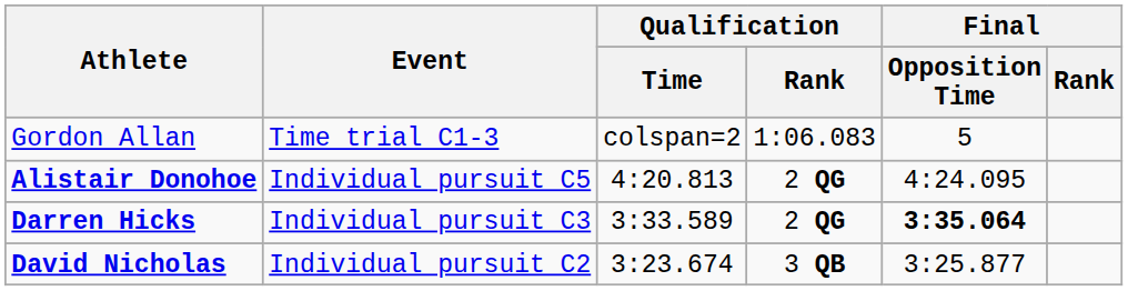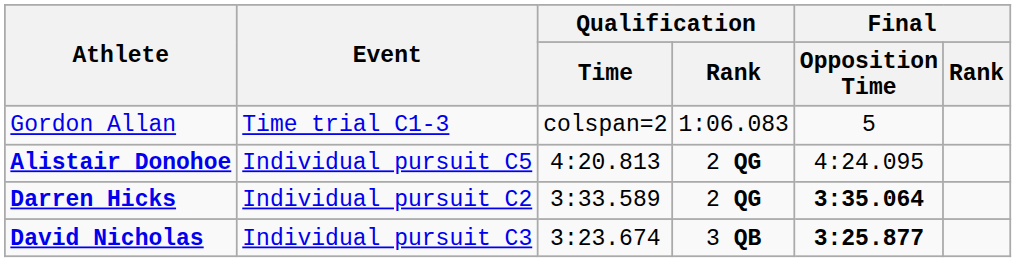 <table class=wikitable>
 <tr>
 <th rowspan="2">Athlete</th>
 <th rowspan="2">Event</th>
 <th colspan="2">Qualification</th>
 <th colspan="2">Final</th>
 </tr>
 <tr>
 <th>Time</th>
 <th>Rank</th>
 <th>Opposition<br>Time</th>
 <th>Rank</th>
 </tr>
 <tr align=center>
 <td align=left><a href='#'>Gordon Allan</a></td>
 <td align=left><a href='#'>Time trial C1-3</a></td>
 <td>colspan=2 </td>
 <td>1:06.083</td>
 <td>5</td>
 </tr>
 <tr align=center>
 <td align=left><strong><a href='#'>Alistair Donohoe</a></strong></td>
 <td align=left><a href='#'>Individual pursuit C5</a></td>
 <td>4:20.813</td>
 <td>2 <strong>QG</strong></td>
 <td>4:24.095</td>
 <td></td>
 </tr>
 <tr align=center>
 <td align=left><strong><a href='#'>Darren Hicks</a> </strong></td>
-<td align=left><a href='#'>Individual pursuit C3</a></td>
+<td align=left><a href='#'>Individual pursuit C2</a></td>
 <td>3:33.589</td>
 <td>2 <strong>QG</strong></td>
 <td><strong>3:35.064</strong></td>
 <td></td>
 </tr>
 <tr align=center>
 <td align=left><strong><a href='#'>David Nicholas</a></strong></td>
-<td align=left><a href='#'>Individual pursuit C2</a></td>
+<td align=left><a href='#'>Individual pursuit C3</a></td>
 <td>3:23.674</td>
 <td>3 <strong>QB</strong></td>
-<td>3:25.877</td>
+<td><strong>3:25.877</strong></td>
 <td></td>
 </tr>
 </table>
